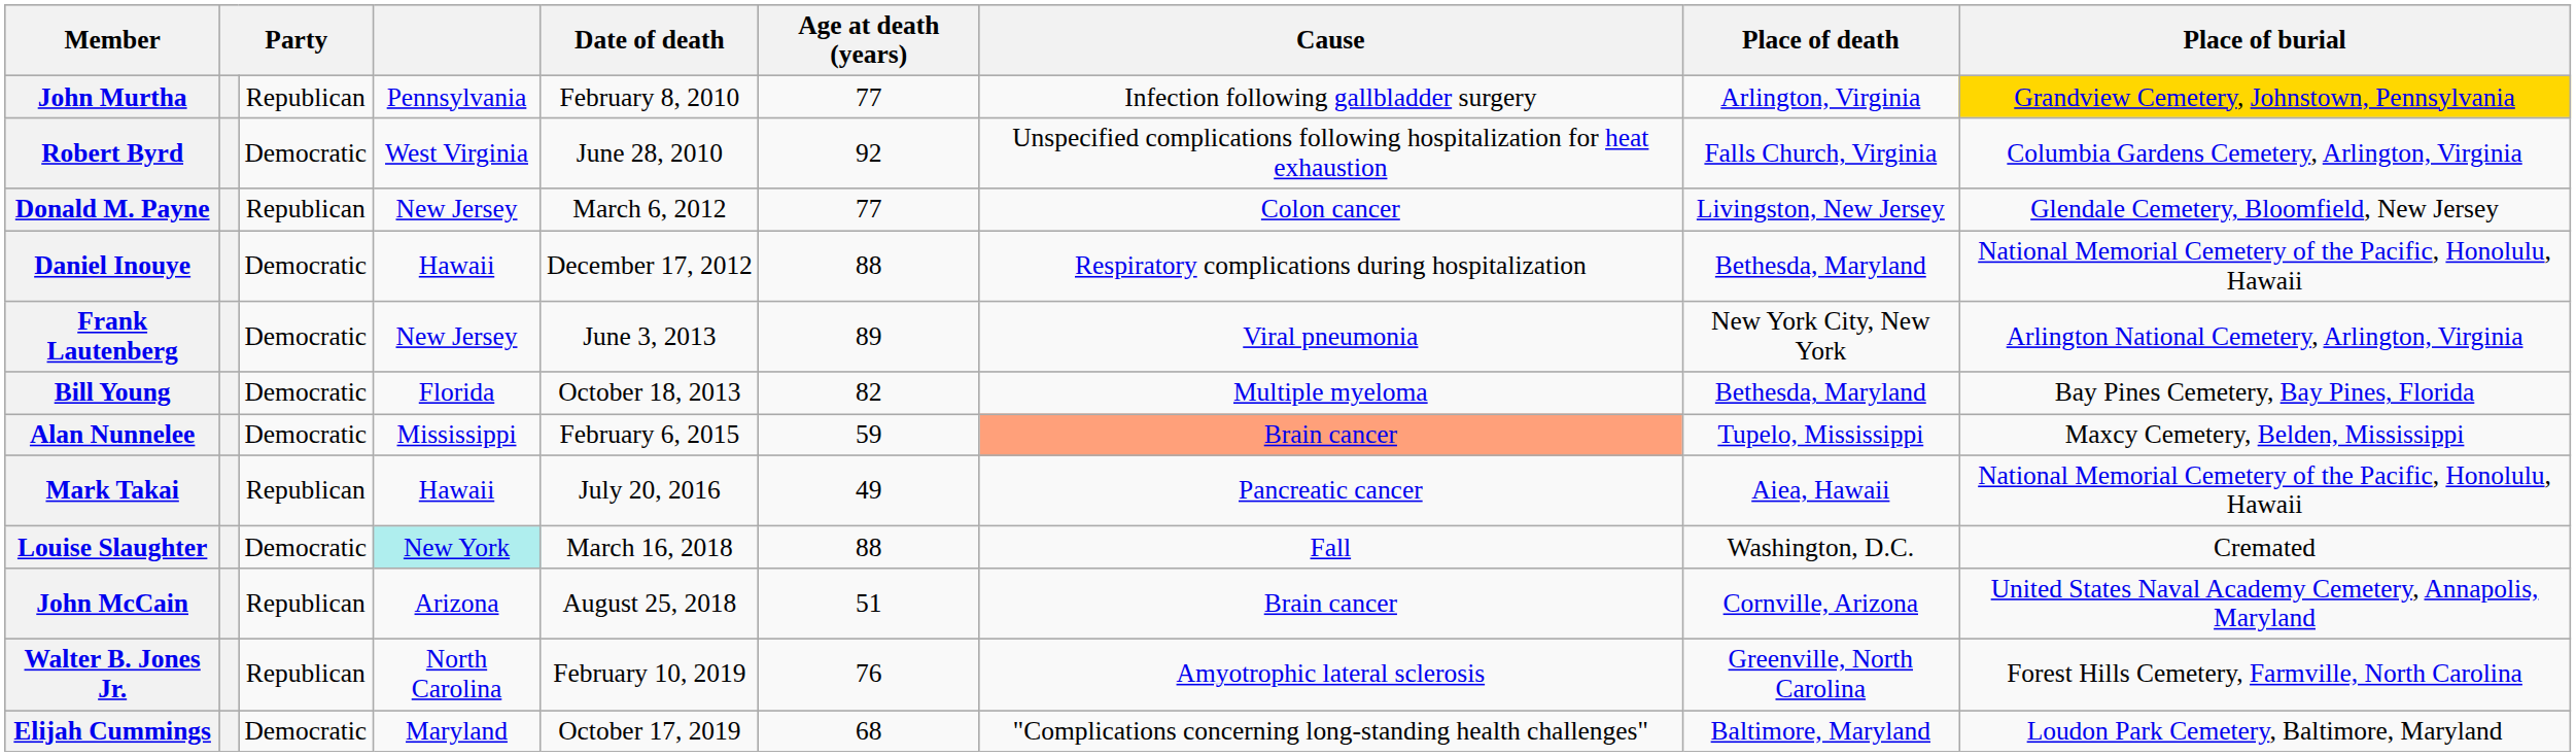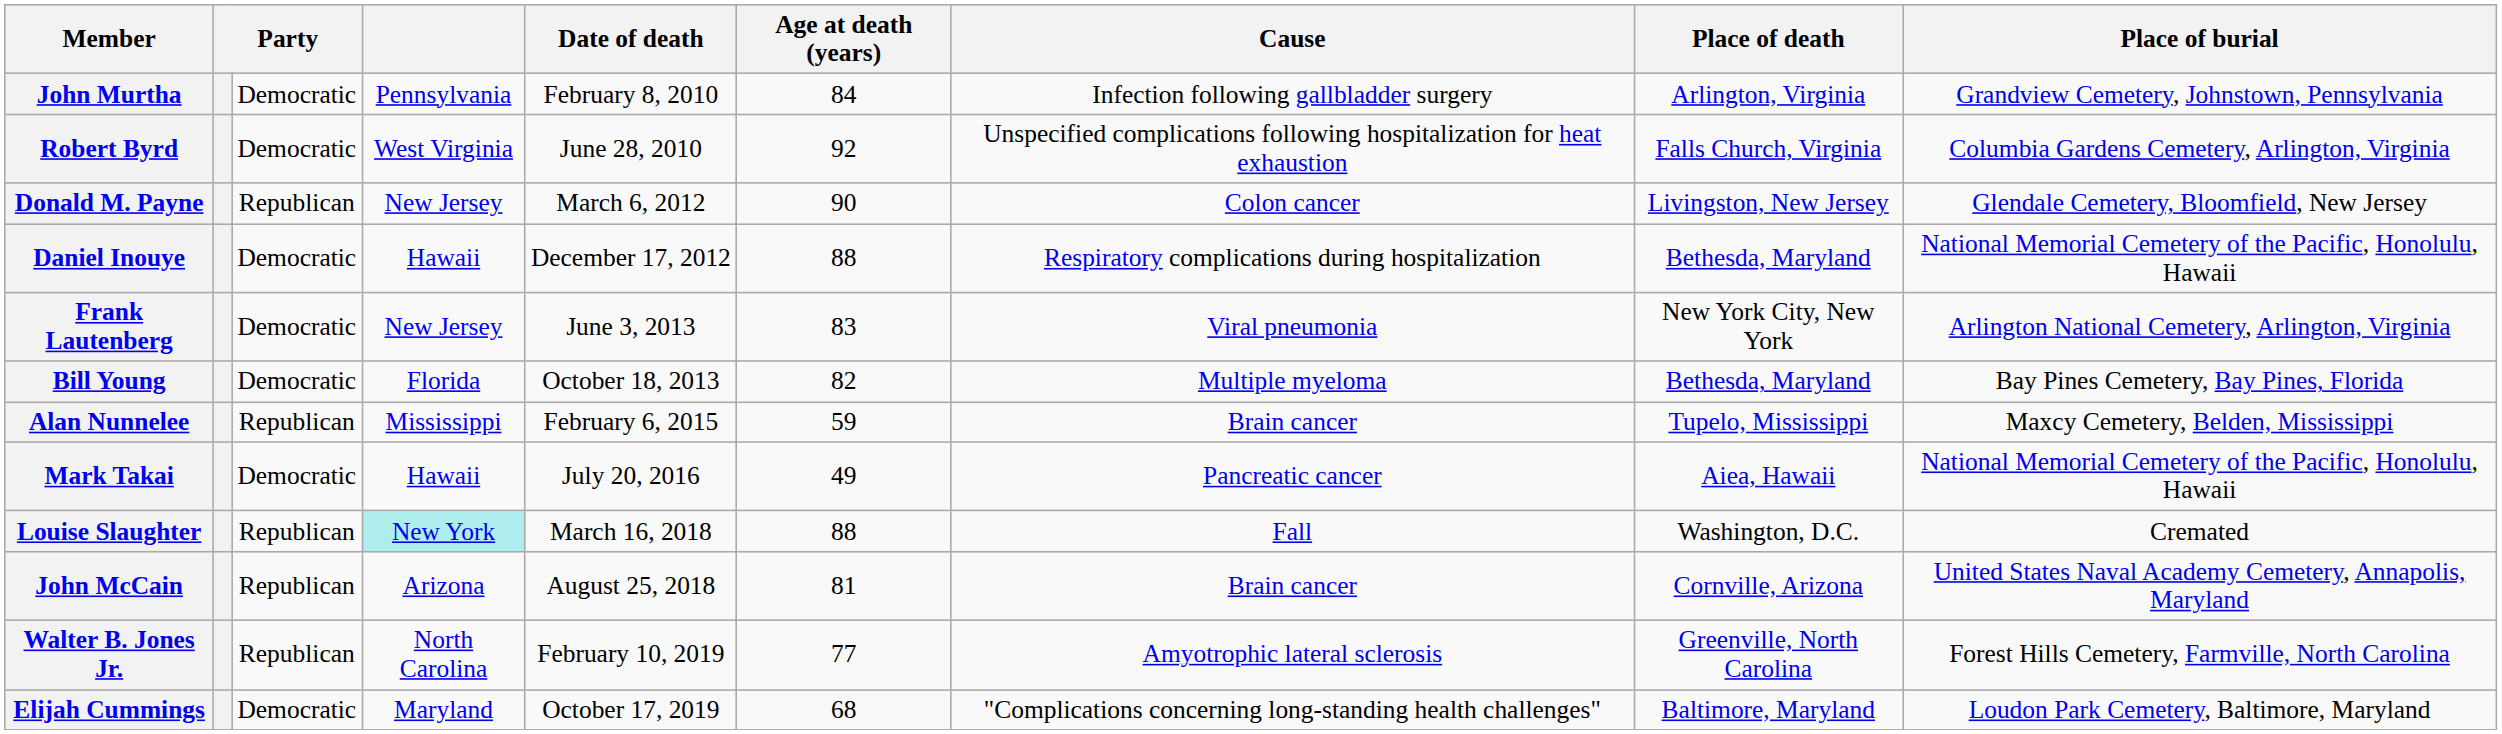 <table class="wikitable sortable" style="text-align:center">
 <tr>
 <th>Member</th>
 <th colspan = 2>Party</th>
 <th></th>
 <th>Date of death</th>
 <th>Age at death (years)</th>
 <th>Cause</th>
 <th>Place of death</th>
 <th>Place of burial</th>
 </tr>
 <tr>
 <th><a href='#'>John Murtha</a></th>
 <th style="background:"> </th>
-<td>Republican</td>
+<td>Democratic</td>
 <td><a href='#'>Pennsylvania</a><br></td>
 <td nowrap>February 8, 2010</td>
-<td nowrap>77</td>
+<td nowrap>84</td>
 <td>Infection following <a href='#'>gallbladder</a> surgery</td>
 <td><a href='#'>Arlington, Virginia</a></td>
-<td style="background: gold;"><a href='#'>Grandview Cemetery</a>, <a href='#'>Johnstown, Pennsylvania</a></td>
+<td><a href='#'>Grandview Cemetery</a>, <a href='#'>Johnstown, Pennsylvania</a></td>
 </tr>
 <tr>
 <th><a href='#'>Robert Byrd</a></th>
 <th style="background:"> </th>
 <td>Democratic</td>
 <td><a href='#'>West Virginia</a><br></td>
 <td nowrap>June 28, 2010</td>
 <td nowrap>92</td>
 <td>Unspecified complications following hospitalization for <a href='#'>heat exhaustion</a></td>
 <td><a href='#'>Falls Church, Virginia</a></td>
 <td><a href='#'>Columbia Gardens Cemetery</a>, <a href='#'>Arlington, Virginia</a></td>
 </tr>
 <tr>
 <th><a href='#'>Donald M. Payne</a></th>
 <th style="background:"> </th>
 <td>Republican</td>
 <td><a href='#'>New Jersey</a><br></td>
 <td nowrap>March 6, 2012</td>
-<td nowrap>77</td>
+<td nowrap>90</td>
 <td><a href='#'>Colon cancer</a></td>
 <td><a href='#'>Livingston, New Jersey</a></td>
 <td><a href='#'>Glendale Cemetery, Bloomfield</a>, New Jersey</td>
 </tr>
 <tr>
 <th><a href='#'>Daniel Inouye</a></th>
 <th style="background:"> </th>
 <td>Democratic</td>
 <td><a href='#'>Hawaii</a><br></td>
 <td nowrap>December 17, 2012</td>
 <td nowrap>88</td>
 <td><a href='#'>Respiratory</a> complications during hospitalization</td>
 <td><a href='#'>Bethesda, Maryland</a></td>
 <td><a href='#'>National Memorial Cemetery of the Pacific</a>, <a href='#'>Honolulu</a>, Hawaii</td>
 </tr>
 <tr>
 <th><a href='#'>Frank Lautenberg</a></th>
 <th style="background:"> </th>
 <td>Democratic</td>
 <td><a href='#'>New Jersey</a><br></td>
 <td nowrap>June 3, 2013</td>
-<td nowrap>89</td>
+<td nowrap>83</td>
 <td><a href='#'>Viral pneumonia</a></td>
 <td>New York City, New York</td>
 <td><a href='#'>Arlington National Cemetery</a>, <a href='#'>Arlington, Virginia</a></td>
 </tr>
 <tr>
 <th><a href='#'>Bill Young</a></th>
 <th style="background:"> </th>
 <td>Democratic</td>
 <td><a href='#'>Florida</a><br></td>
 <td nowrap>October 18, 2013</td>
 <td nowrap>82</td>
 <td><a href='#'>Multiple myeloma</a></td>
 <td><a href='#'>Bethesda, Maryland</a></td>
 <td>Bay Pines Cemetery, <a href='#'>Bay Pines, Florida</a></td>
 </tr>
 <tr>
 <th><a href='#'>Alan Nunnelee</a></th>
 <th style="background:"> </th>
-<td>Democratic</td>
+<td>Republican</td>
 <td><a href='#'>Mississippi</a><br></td>
 <td nowrap>February 6, 2015</td>
 <td nowrap>59</td>
-<td style="background: lightsalmon;"><a href='#'>Brain cancer</a></td>
+<td><a href='#'>Brain cancer</a></td>
 <td><a href='#'>Tupelo, Mississippi</a></td>
 <td>Maxcy Cemetery, <a href='#'>Belden, Mississippi</a></td>
 </tr>
 <tr>
 <th><a href='#'>Mark Takai</a></th>
 <th style="background:"> </th>
-<td>Republican</td>
+<td>Democratic</td>
 <td><a href='#'>Hawaii</a><br></td>
 <td nowrap>July 20, 2016</td>
 <td nowrap>49</td>
 <td><a href='#'>Pancreatic cancer</a></td>
 <td><a href='#'>Aiea, Hawaii</a></td>
 <td><a href='#'>National Memorial Cemetery of the Pacific</a>, <a href='#'>Honolulu</a>, Hawaii</td>
 </tr>
 <tr>
 <th><a href='#'>Louise Slaughter</a></th>
 <th style="background:"> </th>
-<td>Democratic</td>
+<td>Republican</td>
 <td style="background: paleturquoise;"><a href='#'>New York</a><br></td>
 <td nowrap>March 16, 2018</td>
 <td nowrap>88</td>
 <td><a href='#'>Fall</a></td>
 <td>Washington, D.C.</td>
 <td>Cremated</td>
 </tr>
 <tr>
 <th><a href='#'>John McCain</a></th>
 <th style="background:"> </th>
 <td>Republican</td>
 <td><a href='#'>Arizona</a><br></td>
 <td nowrap>August 25, 2018</td>
-<td nowrap>51</td>
+<td nowrap>81</td>
 <td><a href='#'>Brain cancer</a></td>
 <td><a href='#'>Cornville, Arizona</a></td>
 <td><a href='#'>United States Naval Academy Cemetery</a>, <a href='#'>Annapolis, Maryland</a></td>
 </tr>
 <tr>
 <th><a href='#'>Walter B. Jones Jr.</a></th>
 <th style="background:"> </th>
 <td>Republican</td>
 <td><a href='#'>North Carolina</a><br></td>
 <td nowrap>February 10, 2019</td>
-<td nowrap>76</td>
+<td nowrap>77</td>
 <td><a href='#'>Amyotrophic lateral sclerosis</a></td>
 <td><a href='#'>Greenville, North Carolina</a></td>
 <td>Forest Hills Cemetery, <a href='#'>Farmville, North Carolina</a></td>
 </tr>
 <tr>
 <th><a href='#'>Elijah Cummings</a></th>
 <th style="background:"> </th>
 <td>Democratic</td>
 <td><a href='#'>Maryland</a><br></td>
 <td nowrap>October 17, 2019</td>
 <td nowrap>68</td>
 <td>"Complications concerning long-standing health challenges"</td>
 <td><a href='#'>Baltimore, Maryland</a></td>
 <td><a href='#'>Loudon Park Cemetery</a>, Baltimore, Maryland</td>
 </tr>
 </table>
